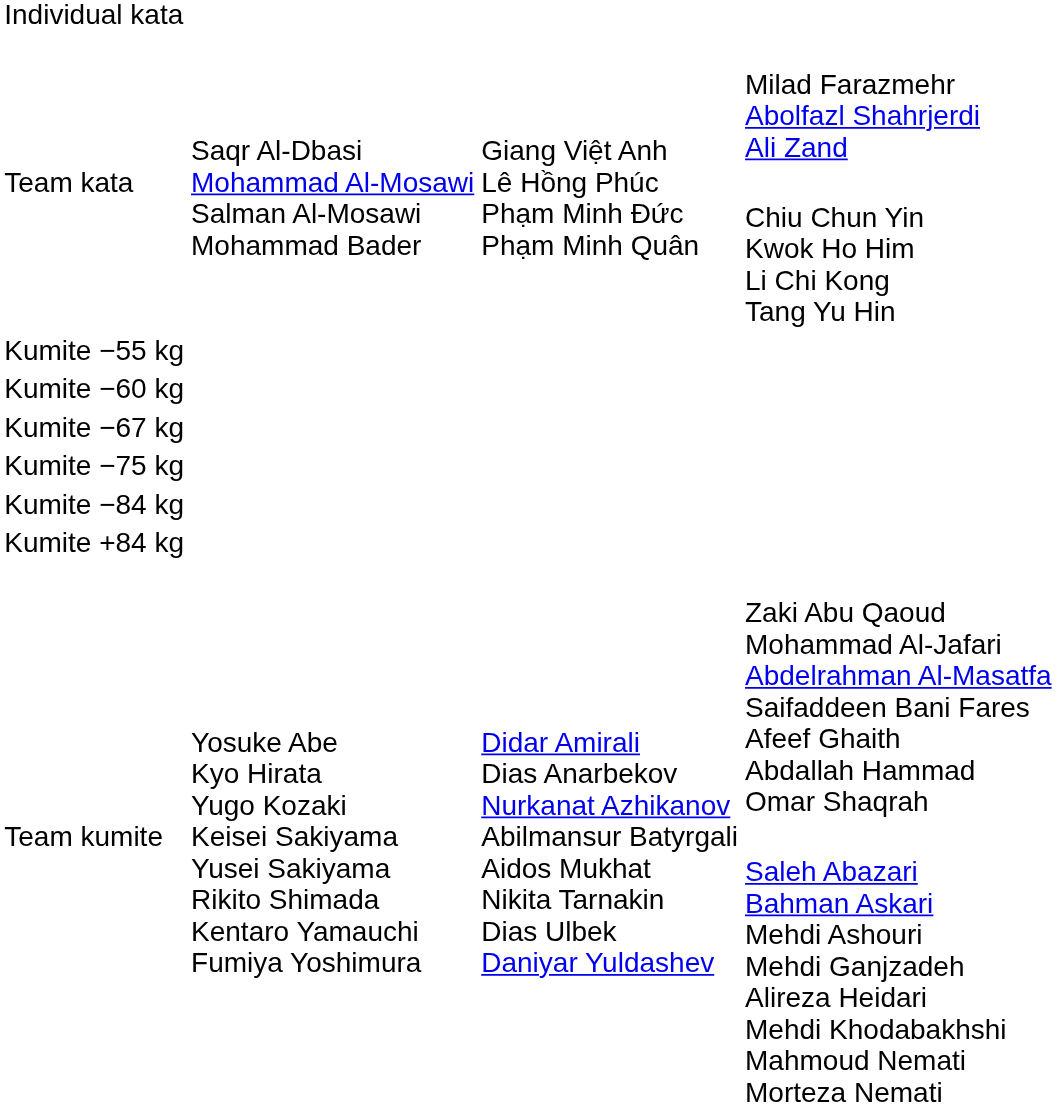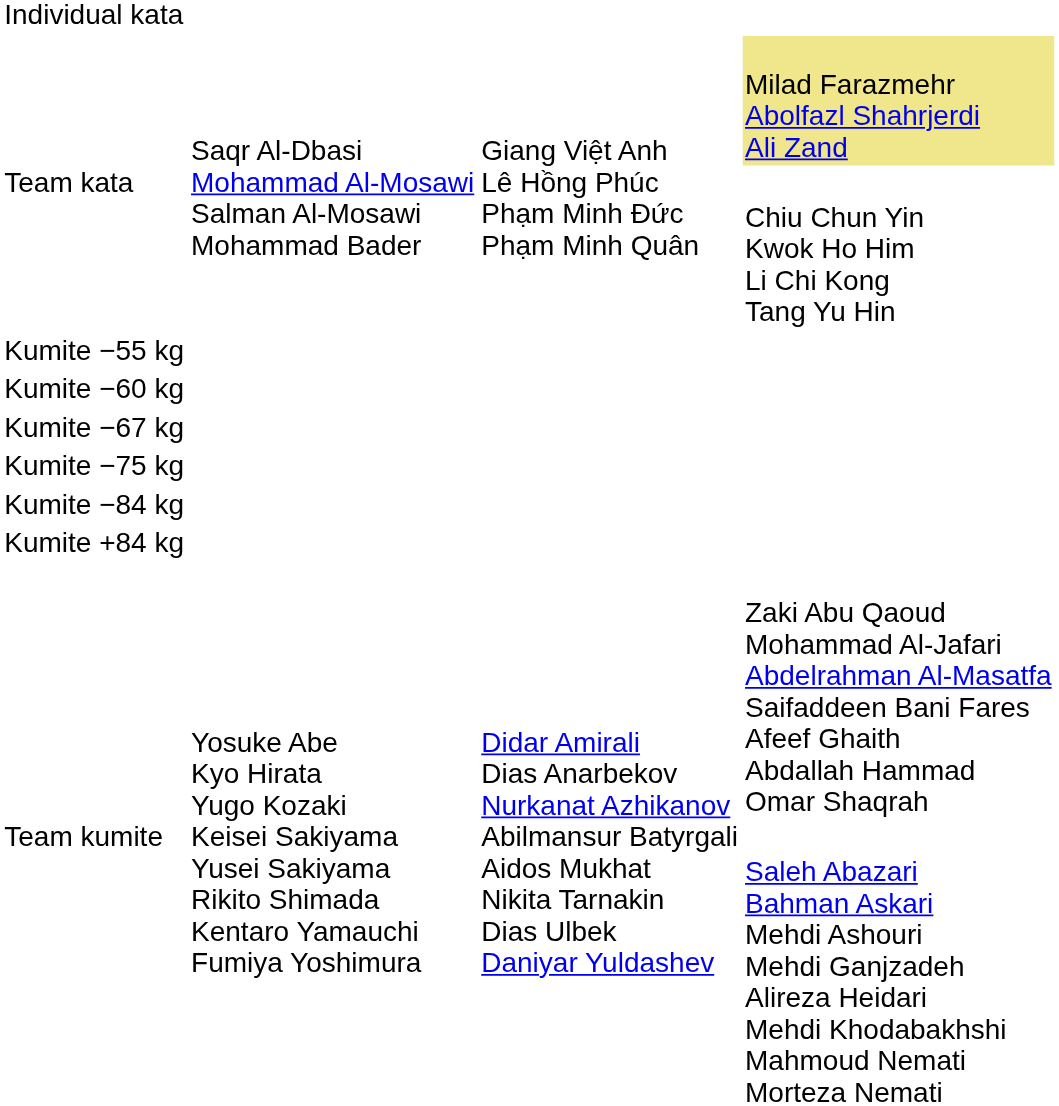 <table>
 <tr>
 <td rowspan=2>Individual kata</td>
 <td rowspan=2></td>
 <td rowspan=2></td>
 <td></td>
 </tr>
 <tr>
 <td></td>
 </tr>
 <tr>
 <td rowspan=2>Team kata</td>
 <td rowspan=2><br>Saqr Al-Dbasi<br><a href='#'>Mohammad Al-Mosawi</a><br>Salman Al-Mosawi<br>Mohammad Bader</td>
 <td rowspan=2><br>Giang Việt Anh<br>Lê Hồng Phúc<br>Phạm Minh Đức<br>Phạm Minh Quân</td>
-<td><br>Milad Farazmehr<br><a href='#'>Abolfazl Shahrjerdi</a><br><a href='#'>Ali Zand</a></td>
+<td style="background: khaki;"><br>Milad Farazmehr<br><a href='#'>Abolfazl Shahrjerdi</a><br><a href='#'>Ali Zand</a></td>
 </tr>
 <tr>
 <td><br>Chiu Chun Yin<br>Kwok Ho Him<br>Li Chi Kong<br>Tang Yu Hin</td>
 </tr>
 <tr>
 <td rowspan=2>Kumite −55 kg</td>
 <td rowspan=2></td>
 <td rowspan=2></td>
 <td></td>
 </tr>
 <tr>
 <td></td>
 </tr>
 <tr>
 <td rowspan=2>Kumite −60 kg</td>
 <td rowspan=2></td>
 <td rowspan=2></td>
 <td></td>
 </tr>
 <tr>
 <td></td>
 </tr>
 <tr>
 <td rowspan=2>Kumite −67 kg</td>
 <td rowspan=2></td>
 <td rowspan=2></td>
 <td></td>
 </tr>
 <tr>
 <td></td>
 </tr>
 <tr>
 <td rowspan=2>Kumite −75 kg</td>
 <td rowspan=2></td>
 <td rowspan=2></td>
 <td></td>
 </tr>
 <tr>
 <td></td>
 </tr>
 <tr>
 <td rowspan=2>Kumite −84 kg</td>
 <td rowspan=2></td>
 <td rowspan=2></td>
 <td></td>
 </tr>
 <tr>
 <td></td>
 </tr>
 <tr>
 <td rowspan=2>Kumite +84 kg</td>
 <td rowspan=2></td>
 <td rowspan=2></td>
 <td></td>
 </tr>
 <tr>
 <td></td>
 </tr>
 <tr>
 <td rowspan=2>Team kumite</td>
 <td rowspan=2><br>Yosuke Abe<br>Kyo Hirata<br>Yugo Kozaki<br>Keisei Sakiyama<br>Yusei Sakiyama<br>Rikito Shimada<br>Kentaro Yamauchi<br>Fumiya Yoshimura</td>
 <td rowspan=2><br><a href='#'>Didar Amirali</a><br>Dias Anarbekov<br><a href='#'>Nurkanat Azhikanov</a><br>Abilmansur Batyrgali<br>Aidos Mukhat<br>Nikita Tarnakin<br>Dias Ulbek<br><a href='#'>Daniyar Yuldashev</a></td>
 <td><br>Zaki Abu Qaoud<br>Mohammad Al-Jafari<br><a href='#'>Abdelrahman Al-Masatfa</a><br>Saifaddeen Bani Fares<br>Afeef Ghaith<br>Abdallah Hammad<br>Omar Shaqrah</td>
 </tr>
 <tr>
 <td><br><a href='#'>Saleh Abazari</a><br><a href='#'>Bahman Askari</a><br>Mehdi Ashouri<br>Mehdi Ganjzadeh<br>Alireza Heidari<br>Mehdi Khodabakhshi<br>Mahmoud Nemati<br>Morteza Nemati</td>
 </tr>
 </table>
